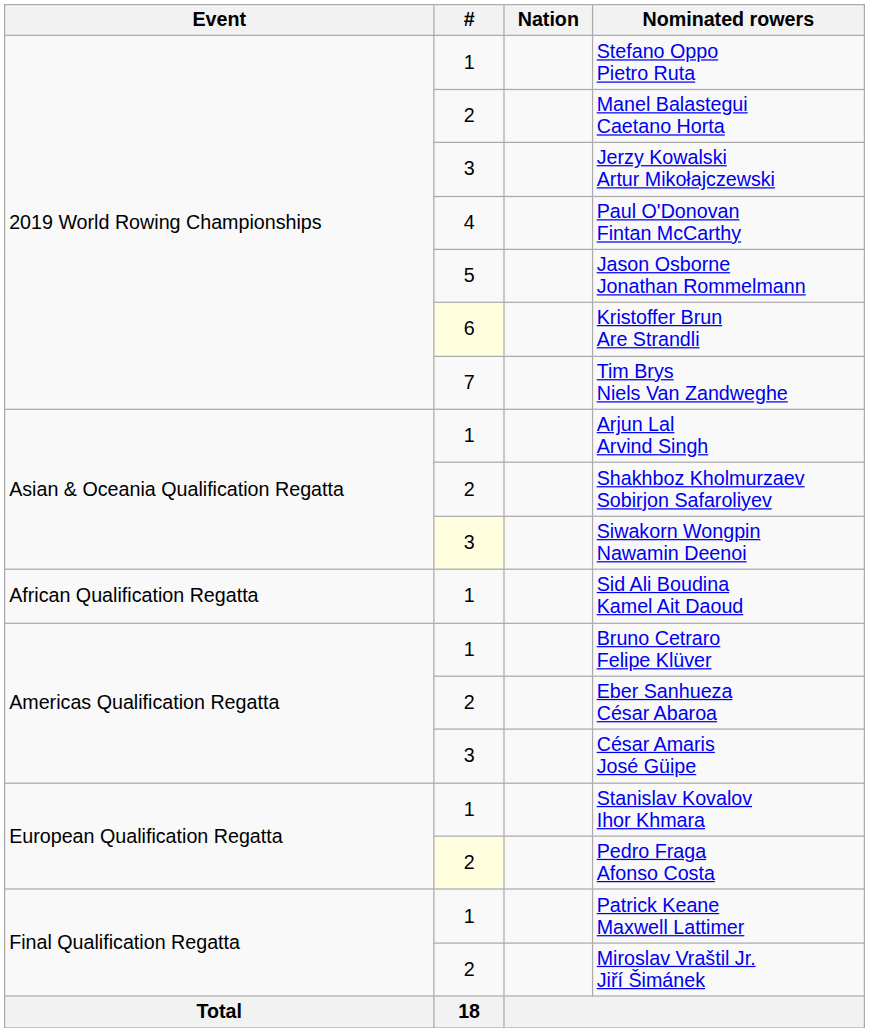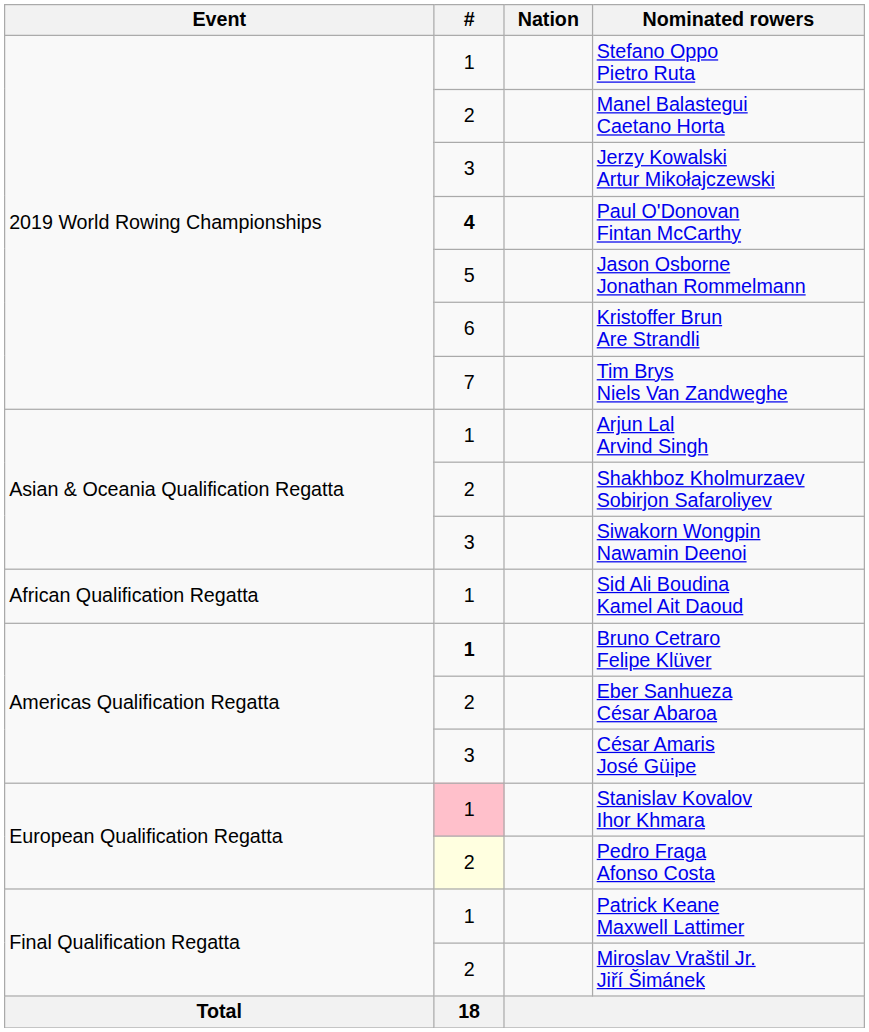 <table class="wikitable"  style="width:700px; text-align:center;">
 <tr>
 <th>Event</th>
 <th width=50>#</th>
 <th>Nation</th>
 <th>Nominated rowers</th>
 </tr>
 <tr>
 <td rowspan=7 align=left>2019 World Rowing Championships</td>
 <td>1</td>
 <td align=left></td>
 <td align=left><a href='#'>Stefano Oppo</a><br><a href='#'>Pietro Ruta</a></td>
 </tr>
 <tr>
 <td>2</td>
 <td align=left></td>
 <td align=left><a href='#'>Manel Balastegui</a><br><a href='#'>Caetano Horta</a></td>
 </tr>
 <tr>
 <td>3</td>
 <td align=left></td>
 <td align=left><a href='#'>Jerzy Kowalski</a><br><a href='#'>Artur Mikołajczewski</a></td>
 </tr>
 <tr>
-<td>4</td>
+<td><strong>4</strong></td>
 <td align=left></td>
 <td align=left><a href='#'>Paul O'Donovan</a><br><a href='#'>Fintan McCarthy</a></td>
 </tr>
 <tr>
 <td>5</td>
 <td align=left></td>
 <td align=left><a href='#'>Jason Osborne</a><br><a href='#'>Jonathan Rommelmann</a></td>
 </tr>
 <tr>
-<td style="background: lightyellow;">6</td>
+<td>6</td>
 <td align=left></td>
 <td align=left><a href='#'>Kristoffer Brun</a><br><a href='#'>Are Strandli</a></td>
 </tr>
 <tr>
 <td>7</td>
 <td align=left></td>
 <td align=left><a href='#'>Tim Brys</a><br><a href='#'>Niels Van Zandweghe</a></td>
 </tr>
 <tr>
 <td rowspan=3 align=left>Asian & Oceania Qualification Regatta</td>
 <td>1</td>
 <td align=left></td>
 <td align=left><a href='#'>Arjun Lal</a><br><a href='#'>Arvind Singh</a></td>
 </tr>
 <tr>
 <td>2</td>
 <td align=left></td>
 <td align=left><a href='#'>Shakhboz Kholmurzaev</a><br><a href='#'>Sobirjon Safaroliyev</a></td>
 </tr>
 <tr>
-<td style="background: lightyellow;">3</td>
+<td>3</td>
 <td align=left></td>
 <td align=left><a href='#'>Siwakorn Wongpin</a><br><a href='#'>Nawamin Deenoi</a></td>
 </tr>
 <tr>
 <td align=left>African Qualification Regatta</td>
 <td>1</td>
 <td align=left></td>
 <td align=left><a href='#'>Sid Ali Boudina</a><br><a href='#'>Kamel Ait Daoud</a></td>
 </tr>
 <tr>
 <td rowspan=3 align=left>Americas Qualification Regatta</td>
-<td>1</td>
+<td><strong>1</strong></td>
 <td align=left></td>
 <td align=left><a href='#'>Bruno Cetraro</a><br><a href='#'>Felipe Klüver</a></td>
 </tr>
 <tr>
 <td>2</td>
 <td align=left></td>
 <td align=left><a href='#'>Eber Sanhueza</a><br><a href='#'>César Abaroa</a></td>
 </tr>
 <tr>
 <td>3</td>
 <td align=left></td>
 <td align=left><a href='#'>César Amaris</a><br><a href='#'>José Güipe</a></td>
 </tr>
 <tr>
 <td rowspan=2 align=left>European Qualification Regatta</td>
-<td>1</td>
+<td style="background: pink;">1</td>
 <td align=left></td>
 <td align=left><a href='#'>Stanislav Kovalov</a><br><a href='#'>Ihor Khmara</a></td>
 </tr>
 <tr>
 <td style="background: lightyellow;">2</td>
 <td align=left></td>
 <td align=left><a href='#'>Pedro Fraga</a><br><a href='#'>Afonso Costa</a></td>
 </tr>
 <tr>
 <td rowspan=2 align=left>Final Qualification Regatta</td>
 <td>1</td>
 <td align=left></td>
 <td align=left><a href='#'>Patrick Keane</a><br><a href='#'>Maxwell Lattimer</a></td>
 </tr>
 <tr>
 <td>2</td>
 <td align=left></td>
 <td align=left><a href='#'>Miroslav Vraštil Jr.</a><br><a href='#'>Jiří Šimánek</a></td>
 </tr>
 <tr>
 <th>Total</th>
 <th>18</th>
 <th colspan=2></th>
 </tr>
 </table>
